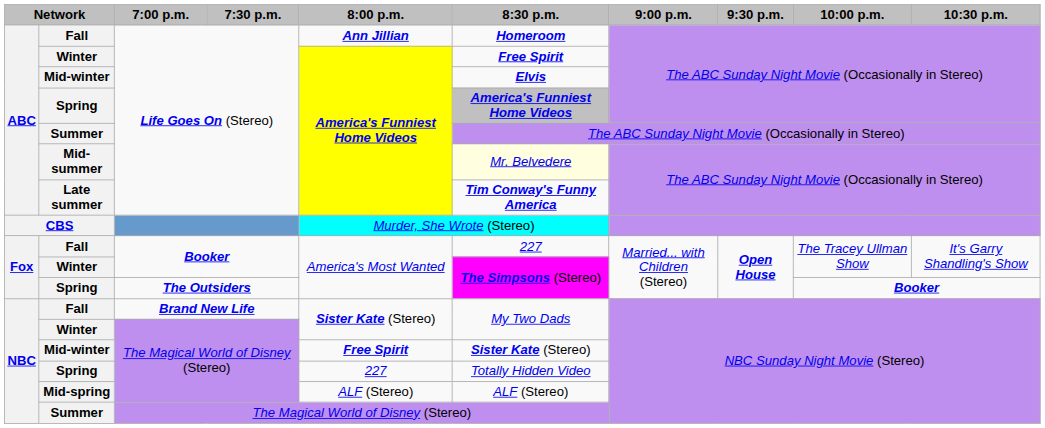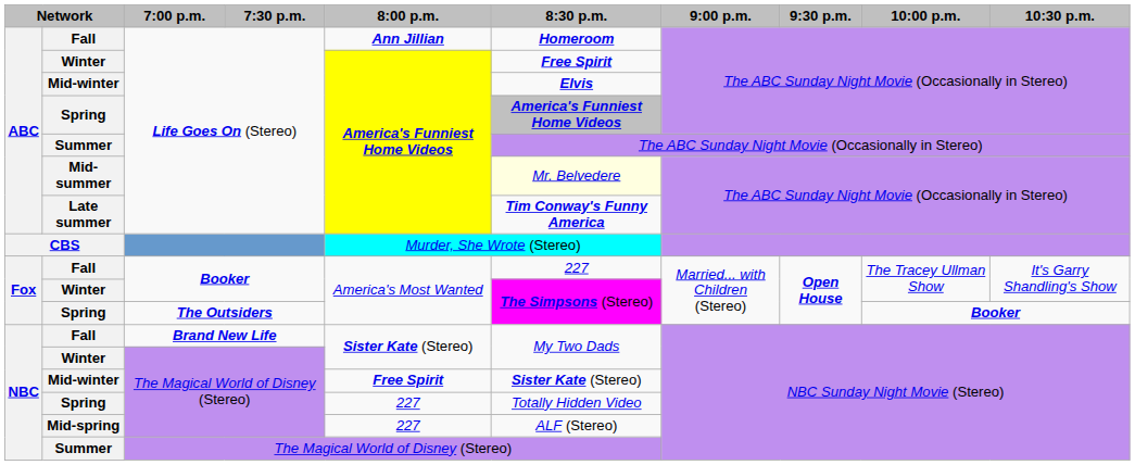 <table class="wikitable" style="width:100%;margin-right:0;text-align:center">
 <tr>
 <th colspan="2" style="background-color:#C0C0C0;text-align:center">Network</th>
 <th style="background-color:#C0C0C0;text-align:center">7:00 p.m.</th>
 <th style="background-color:#C0C0C0;text-align:center">7:30 p.m.</th>
 <th style="background-color:#C0C0C0;text-align:center">8:00 p.m.</th>
 <th style="background-color:#C0C0C0;text-align:center">8:30 p.m.</th>
 <th style="background-color:#C0C0C0;text-align:center">9:00 p.m.</th>
 <th style="background-color:#C0C0C0;text-align:center">9:30 p.m.</th>
 <th style="background-color:#C0C0C0;text-align:center">10:00 p.m.</th>
 <th style="background-color:#C0C0C0;text-align:center">10:30 p.m.</th>
 </tr>
 <tr>
 <th rowspan="7"><a href='#'>ABC</a></th>
 <th>Fall</th>
 <td rowspan="7" colspan="2"><strong><em><a href='#'>Life Goes On</a></em></strong> (Stereo)</td>
 <td><strong><em><a href='#'>Ann Jillian</a></em></strong></td>
 <td><strong><em><a href='#'>Homeroom</a></em></strong></td>
 <td rowspan="4" colspan="4" style="background:#bf8fef;"><em><a href='#'>The ABC Sunday Night Movie</a></em> (Occasionally in Stereo)</td>
 </tr>
 <tr>
 <th>Winter</th>
 <td style="background:#FFFF00;" rowspan="6"><strong><em><a href='#'>America's Funniest Home Videos</a></em></strong> </td>
 <td><strong><em><a href='#'>Free Spirit</a></em></strong></td>
 </tr>
 <tr>
 <th>Mid-winter</th>
 <td><strong><em><a href='#'>Elvis</a></em></strong></td>
 </tr>
 <tr>
 <th>Spring</th>
 <td style="background:#C0C0C0;"><strong><em><a href='#'>America's Funniest Home Videos</a></em></strong> </td>
 </tr>
 <tr>
 <th>Summer</th>
 <td colspan="5" style="background:#bf8fef;"><em><a href='#'>The ABC Sunday Night Movie</a></em> (Occasionally in Stereo)</td>
 </tr>
 <tr>
 <th>Mid-summer</th>
 <td style="background: lightyellow;"><em><a href='#'>Mr. Belvedere</a></em></td>
 <td rowspan="2" colspan="4" style="background:#bf8fef;"><em><a href='#'>The ABC Sunday Night Movie</a></em> (Occasionally in Stereo)</td>
 </tr>
 <tr>
 <th>Late summer</th>
 <td><strong><em><a href='#'>Tim Conway's Funny America</a></em></strong></td>
 </tr>
 <tr>
 <th colspan="2"><a href='#'>CBS</a></th>
 <td style="background:#6699CC;" colspan="2"></td>
 <td style="background:#00FFFF;" colspan="2"><em><a href='#'>Murder, She Wrote</a></em> (Stereo) </td>
 <td style="background:#bf8fef;" colspan="4"></td>
 </tr>
 <tr>
 <th rowspan="3"><a href='#'>Fox</a></th>
 <th>Fall</th>
 <td rowspan="2" colspan="2"><strong><em><a href='#'>Booker</a></em></strong></td>
 <td rowspan="3"><em><a href='#'>America's Most Wanted</a></em></td>
 <td><em><a href='#'>227</a></em></td>
 <td rowspan="3"><em><a href='#'>Married... with Children</a></em><br>(Stereo)</td>
 <td rowspan="3"><strong><em><a href='#'>Open House</a></em></strong></td>
 <td rowspan="2"><em><a href='#'>The Tracey Ullman Show</a></em></td>
 <td rowspan="2"><em><a href='#'>It's Garry Shandling's Show</a></em></td>
 </tr>
 <tr>
 <th>Winter</th>
 <td rowspan="2" style="background:#FF00FF;"><strong><em><a href='#'>The Simpsons</a></em></strong> (Stereo) </td>
 </tr>
 <tr>
 <th>Spring</th>
 <td colspan="2"><strong><em><a href='#'>The Outsiders</a></em></strong></td>
 <td colspan="2"><strong><em><a href='#'>Booker</a></em></strong></td>
 </tr>
 <tr>
 <th rowspan="6"><a href='#'>NBC</a></th>
 <th>Fall</th>
 <td colspan="2"><strong><em><a href='#'>Brand New Life</a></em></strong></td>
 <td rowspan="2"><strong><em><a href='#'>Sister Kate</a></em></strong> (Stereo)</td>
 <td rowspan="2"><em><a href='#'>My Two Dads</a> </em></td>
 <td rowspan="6" colspan="4" style="background:#bf8fef;"><em><a href='#'>NBC Sunday Night Movie</a></em> (Stereo)</td>
 </tr>
 <tr>
 <th>Winter</th>
 <td rowspan="4" colspan="2" style="background:#bf8fef;"><em><a href='#'>The Magical World of Disney</a></em> (Stereo)</td>
 </tr>
 <tr>
 <th>Mid-winter</th>
 <td><strong><em><a href='#'>Free Spirit</a></em></strong></td>
 <td><strong><em><a href='#'>Sister Kate</a></em></strong> (Stereo)</td>
 </tr>
 <tr>
 <th>Spring</th>
 <td><em><a href='#'>227</a></em></td>
 <td><em><a href='#'>Totally Hidden Video</a></em></td>
 </tr>
 <tr>
 <th>Mid-spring</th>
-<td><em><a href='#'>ALF</a></em> (Stereo)</td>
+<td><em><a href='#'>227</a></em></td>
 <td><em><a href='#'>ALF</a></em> (Stereo)</td>
 </tr>
 <tr>
 <th>Summer</th>
 <td colspan="4" style="background:#bf8fef;"><em><a href='#'>The Magical World of Disney</a></em> (Stereo)</td>
 </tr>
 </table>
